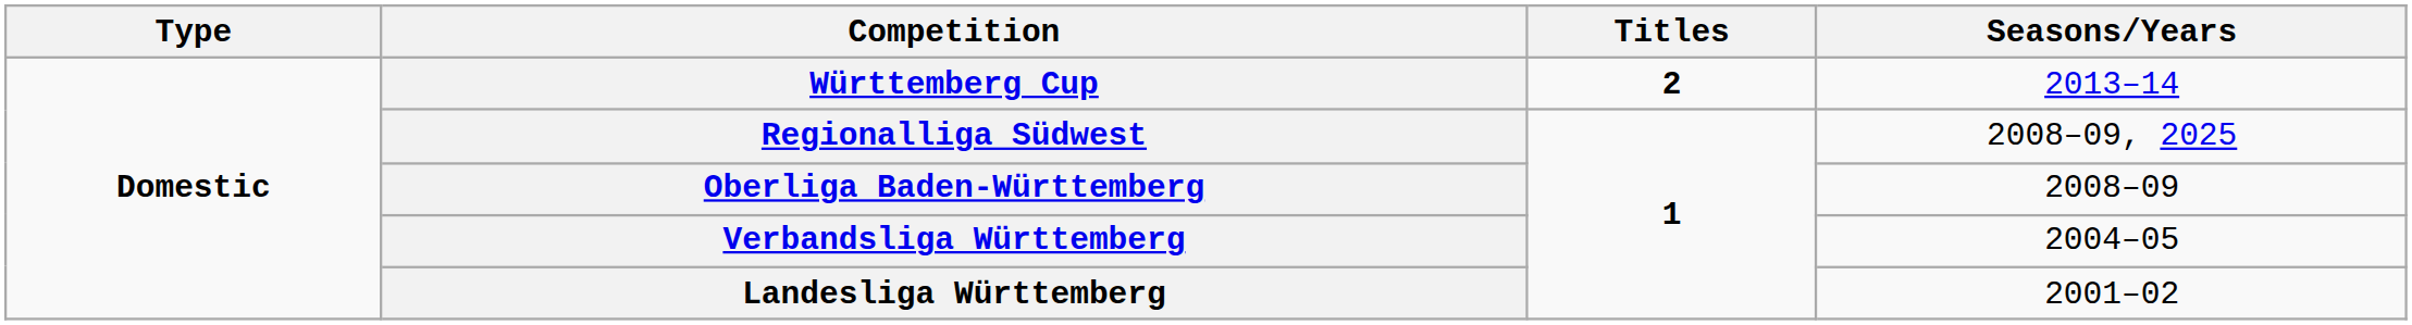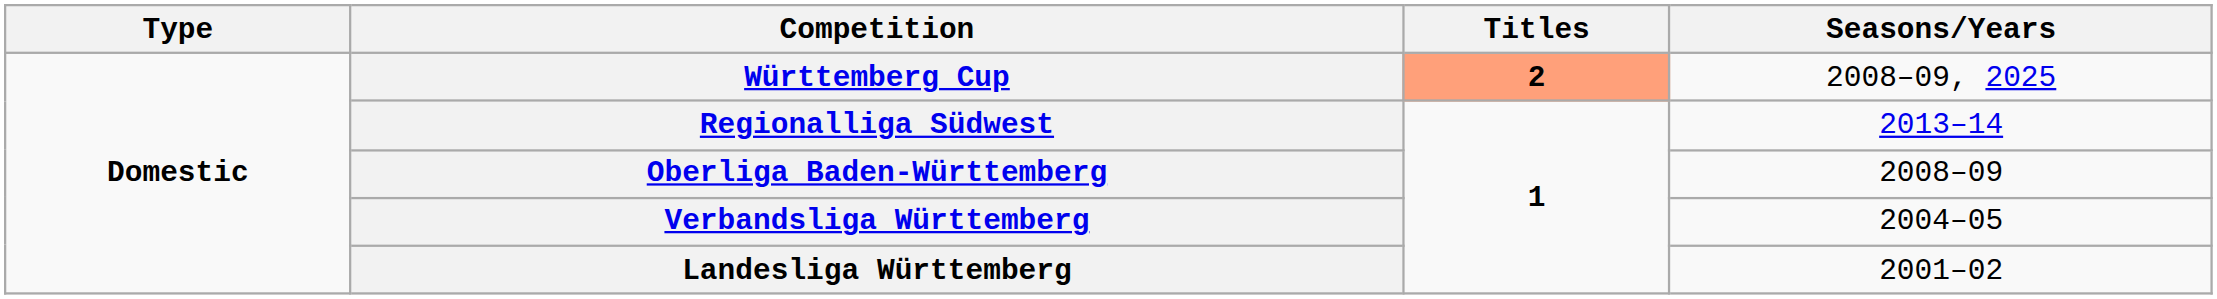 <table class="wikitable plainrowheaders" width=77% style="text-align: center;">
 <tr>
 <th scope=col>Type</th>
 <th scope=col>Competition</th>
 <th scope=col>Titles</th>
 <th scope=col>Seasons/Years</th>
 </tr>
 <tr>
 <td rowspan="5"><strong>Domestic</strong></td>
 <th scope=col><a href='#'>Württemberg Cup</a></th>
-<td><strong>2</strong></td>
-<td><a href='#'>2013–14</a></td>
+<td style="background: lightsalmon;"><strong>2</strong></td>
+<td>2008–09, <a href='#'>2025</a></td>
 </tr>
 <tr>
 <th scope=col><a href='#'>Regionalliga Südwest</a></th>
 <td rowspan="4"><strong>1</strong></td>
-<td>2008–09, <a href='#'>2025</a></td>
+<td><a href='#'>2013–14</a></td>
 </tr>
 <tr>
 <th scope=col><a href='#'>Oberliga Baden-Württemberg</a></th>
 <td>2008–09</td>
 </tr>
 <tr>
 <th scope=col><a href='#'>Verbandsliga Württemberg</a></th>
 <td>2004–05</td>
 </tr>
 <tr>
 <th scope=col>Landesliga Württemberg</th>
 <td>2001–02</td>
 </tr>
 </table>
